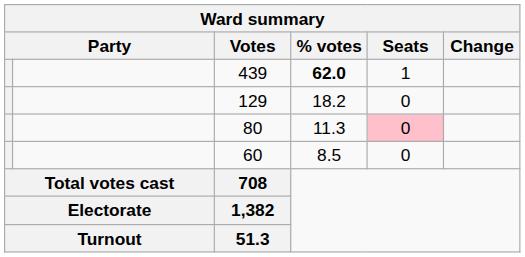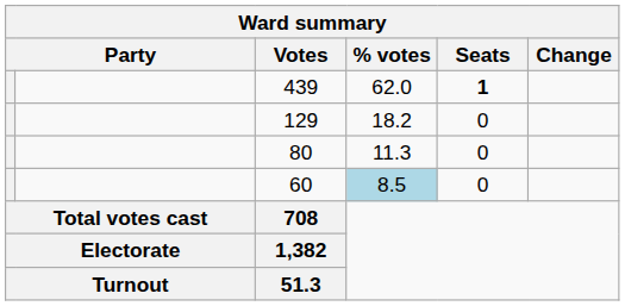 <table class="wikitable" style="font-size: 95%;">
 <tr style="background-color:#E9E9E9">
 <th colspan="6">Ward summary</th>
 </tr>
 <tr style="background-color:#E9E9E9">
 <th colspan="2">Party</th>
 <th style="width: 60px">Votes</th>
 <th style="width: 60px">% votes</th>
 <th style="width: 60px">Seats</th>
 <th style="width: 60px">Change</th>
 </tr>
 <tr>
 <th style="background-color: "></th>
 <td style="width: 170px"><a href='#'></a></td>
 <td align="center">439</td>
-<td align="center"><strong>62.0</strong></td>
-<td align="center">1</td>
+<td align="center">62.0</td>
+<td align="center"><strong>1</strong></td>
 <td align="center"></td>
 </tr>
 <tr>
 <th style="background-color: "></th>
 <td style="width: 170px"><a href='#'></a></td>
 <td align="center">129</td>
 <td align="center">18.2</td>
 <td align="center">0</td>
 <td align="center"></td>
 </tr>
 <tr>
 <th style="background-color: "></th>
 <td style="width: 170px"><a href='#'></a></td>
 <td align="center">80</td>
 <td align="center">11.3</td>
-<td align="center" style="background: pink;">0</td>
+<td align="center">0</td>
 <td align="center"></td>
 </tr>
 <tr>
 <th style="background-color: "></th>
 <td style="width: 170px"><a href='#'></a></td>
 <td align="center">60</td>
-<td align="center">8.5</td>
+<td align="center" style="background: lightblue;">8.5</td>
 <td align="center">0</td>
 <td align="center"></td>
 </tr>
 <tr style="background-color:#E9E9E9">
 <th colspan="2">Total votes cast</th>
 <th style="width: 60px">708</th>
 </tr>
 <tr style="background-color:#E9E9E9">
 <th colspan="2">Electorate</th>
 <th style="width: 60px">1,382</th>
 </tr>
 <tr style="background-color:#E9E9E9">
 <th colspan="2">Turnout</th>
 <th style="width: 60px">51.3</th>
 </tr>
 </table>
